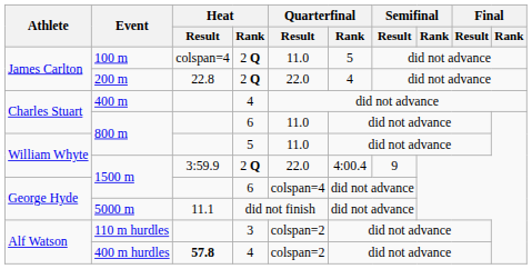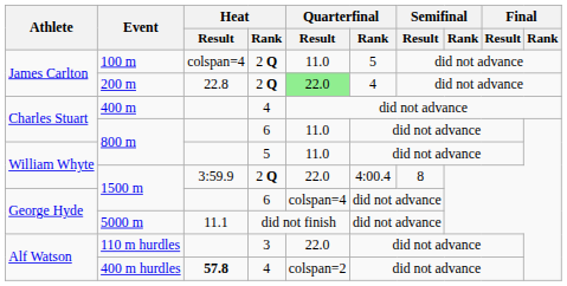 <table class="wikitable" style="font-size:90%">
 <tr>
 <th rowspan=2>Athlete</th>
 <th rowspan=2>Event</th>
 <th colspan=2>Heat</th>
 <th colspan=2>Quarterfinal</th>
 <th colspan=2>Semifinal</th>
 <th colspan=2>Final</th>
 </tr>
 <tr style="font-size:95%">
 <th>Result</th>
 <th>Rank</th>
 <th>Result</th>
 <th>Rank</th>
 <th>Result</th>
 <th>Rank</th>
 <th>Result</th>
 <th>Rank</th>
 </tr>
 <tr align=center>
 <td align=left rowspan=2><a href='#'>James Carlton</a></td>
 <td align=left><a href='#'>100 m</a></td>
 <td>colspan=4 </td>
 <td>2 <strong>Q</strong></td>
 <td>11.0</td>
 <td>5</td>
 <td colspan=4>did not advance</td>
 </tr>
 <tr align=center>
 <td align=left><a href='#'>200 m</a></td>
 <td>22.8</td>
 <td>2 <strong>Q</strong></td>
-<td>22.0</td>
+<td style="background: lightgreen;">22.0</td>
 <td>4</td>
 <td colspan=4>did not advance</td>
 </tr>
 <tr align=center>
 <td align=left rowspan=2><a href='#'>Charles Stuart</a></td>
 <td align=left><a href='#'>400 m</a></td>
 <td></td>
 <td>4</td>
 <td colspan=6>did not advance</td>
 </tr>
 <tr align=center>
 <td align=left rowspan=2><a href='#'>800 m</a></td>
 <td></td>
 <td>6</td>
 <td>11.0</td>
 <td colspan=4>did not advance</td>
 </tr>
 <tr align=center>
 <td align=left rowspan=2><a href='#'>William Whyte</a></td>
 <td></td>
 <td>5</td>
 <td>11.0</td>
 <td colspan=4>did not advance</td>
 </tr>
 <tr align=center>
 <td align=left rowspan=2><a href='#'>1500 m</a></td>
 <td>3:59.9</td>
 <td>2 <strong>Q</strong></td>
 <td>22.0</td>
 <td>4:00.4</td>
-<td>9</td>
+<td>8</td>
 </tr>
 <tr align=center>
 <td align=left rowspan=2><a href='#'>George Hyde</a></td>
 <td></td>
 <td>6</td>
 <td>colspan=4 </td>
 <td colspan=2>did not advance</td>
 </tr>
 <tr align=center>
 <td align=left><a href='#'>5000 m</a></td>
 <td>11.1</td>
 <td colspan=2>did not finish</td>
 <td colspan=2>did not advance</td>
 </tr>
 <tr align=center>
 <td align=left rowspan=2><a href='#'>Alf Watson</a></td>
 <td align=left><a href='#'>110 m hurdles</a></td>
 <td></td>
 <td>3</td>
-<td>colspan=2 </td>
+<td>22.0</td>
 <td colspan=4>did not advance</td>
 </tr>
 <tr align=center>
 <td align=left><a href='#'>400 m hurdles</a></td>
 <td><strong>57.8</strong></td>
 <td>4</td>
 <td>colspan=2 </td>
 <td colspan=4>did not advance</td>
 </tr>
 </table>
